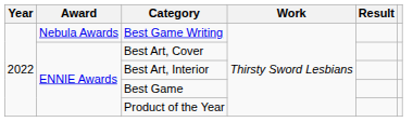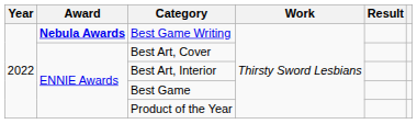 <table class="wikitable sortable">
 <tr>
 <th>Year</th>
 <th>Award</th>
 <th>Category</th>
 <th>Work</th>
 <th>Result</th>
 <th class="unsortable"></th>
 </tr>
 <tr>
 <td rowspan="5">2022</td>
-<td><a href='#'>Nebula Awards</a></td>
+<td><strong><a href='#'>Nebula Awards</a></strong></td>
 <td><a href='#'>Best Game Writing</a></td>
 <td rowspan="5"><em>Thirsty Sword Lesbians</em></td>
 <td></td>
 <td></td>
 </tr>
 <tr>
 <td rowspan="4"><a href='#'>ENNIE Awards</a></td>
 <td>Best Art, Cover</td>
 <td></td>
 <td></td>
 </tr>
 <tr>
 <td>Best Art, Interior</td>
 <td></td>
 <td></td>
 </tr>
 <tr>
 <td>Best Game</td>
 <td></td>
 <td></td>
 </tr>
 <tr>
 <td>Product of the Year</td>
 <td></td>
 <td></td>
 </tr>
 </table>
